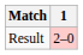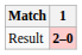 <table class="wikitable">
 <tr>
 <th>Match</th>
 <th>1</th>
 </tr>
 <tr>
 <td>Result</td>
-<td bgcolor="#FFCCCC">2–0</td>
+<td bgcolor="#FFCCCC"><strong>2–0</strong></td>
 </tr>
 </table>
